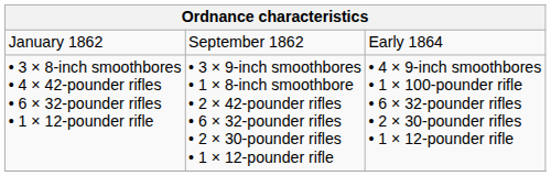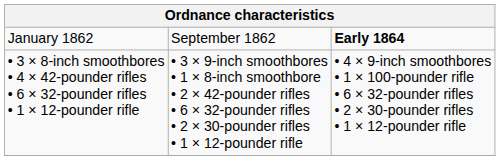 <table class="wikitable" style="font-size:97%;">
 <tr>
 <th colspan="3">Ordnance characteristics</th>
 </tr>
 <tr>
 <td>January 1862</td>
 <td>September 1862</td>
-<td>Early 1864</td>
+<td><strong>Early 1864</strong></td>
 </tr>
 <tr>
 <td valign=top>• 3 × 8-inch smoothbores<br>• 4 × 42-pounder rifles<br>• 6 × 32-pounder rifles<br>• 1 × 12-pounder rifle<br></td>
 <td>• 3 × 9-inch smoothbores<br>• 1 × 8-inch smoothbore<br>• 2 × 42-pounder rifles<br>• 6 × 32-pounder rifles<br>• 2 × 30-pounder rifles<br>• 1 × 12-pounder rifle</td>
 <td valign=top>• 4 × 9-inch smoothbores<br>• 1 × 100-pounder rifle<br>• 6 × 32-pounder rifles<br>•  2 × 30-pounder rifles<br>• 1 × 12-pounder rifle<br></td>
 </tr>
 <tr>
 </tr>
 </table>
